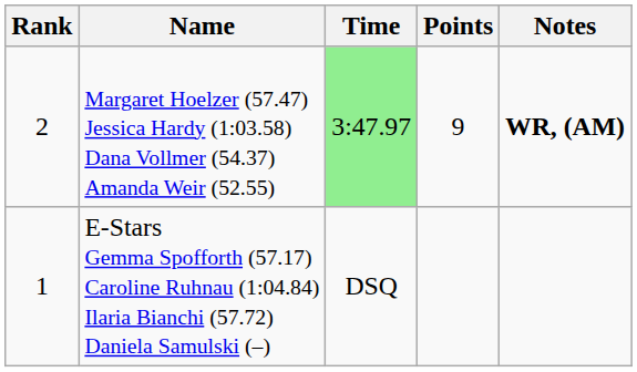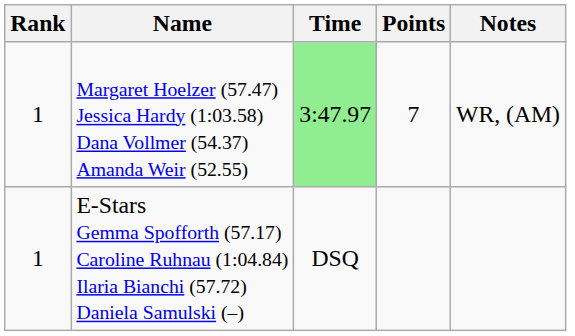 <table class="wikitable" style="text-align:center">
 <tr>
 <th>Rank</th>
 <th>Name</th>
 <th>Time</th>
 <th>Points</th>
 <th>Notes</th>
 </tr>
 <tr>
-<td>2</td>
+<td>1</td>
 <td align="left"> <br><small><a href='#'>Margaret Hoelzer</a> (57.47)<br><a href='#'>Jessica Hardy</a> (1:03.58)<br><a href='#'>Dana Vollmer</a> (54.37)<br><a href='#'>Amanda Weir</a> (52.55)</small></td>
 <td style="background: lightgreen;">3:47.97</td>
-<td>9</td>
-<td><strong>WR, (AM)</strong></td>
+<td>7</td>
+<td>WR, (AM)</td>
 </tr>
 <tr>
 <td>1</td>
 <td align="left">E-Stars <br><small><a href='#'>Gemma Spofforth</a> (57.17)<br><a href='#'>Caroline Ruhnau</a> (1:04.84)<br><a href='#'>Ilaria Bianchi</a> (57.72)<br><a href='#'>Daniela Samulski</a> (–)</small></td>
 <td>DSQ</td>
 <td></td>
 <td></td>
 </tr>
 </table>
